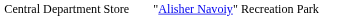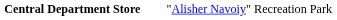 <table class="graytable" style="text-align:center">
 <tr>
 <td></td>
 <td></td>
 <td width="25%"></td>
 <td></td>
 </tr>
 <tr>
-<td>Central Department Store</td>
+<td><strong>Central Department Store</strong></td>
 <td colspan="3">"<a href='#'>Alisher Navoiy</a>" Recreation Park</td>
 </tr>
 </table>
